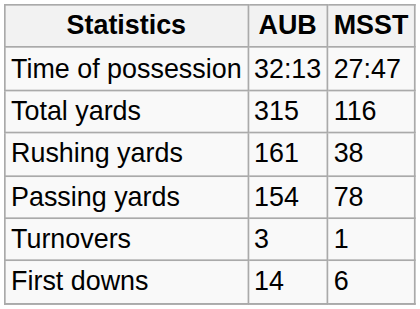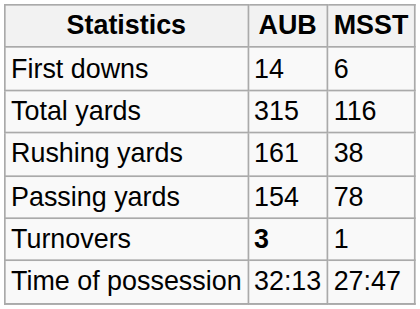 <table class="wikitable">
 <tr>
 <th>Statistics</th>
 <th>AUB</th>
 <th>MSST</th>
 </tr>
 <tr>
-<td>Time of possession</td>
-<td>32:13</td>
-<td>27:47</td>
+<td>First downs</td>
+<td>14</td>
+<td>6</td>
 </tr>
 <tr>
 <td>Total yards</td>
 <td>315</td>
 <td>116</td>
 </tr>
 <tr>
 <td>Rushing yards</td>
 <td>161</td>
 <td>38</td>
 </tr>
 <tr>
 <td>Passing yards</td>
 <td>154</td>
 <td>78</td>
 </tr>
 <tr>
 <td>Turnovers</td>
-<td>3</td>
+<td><strong>3</strong></td>
 <td>1</td>
 </tr>
 <tr>
-<td>First downs</td>
-<td>14</td>
-<td>6</td>
+<td>Time of possession</td>
+<td>32:13</td>
+<td>27:47</td>
 </tr>
 <tr>
 </tr>
 </table>
